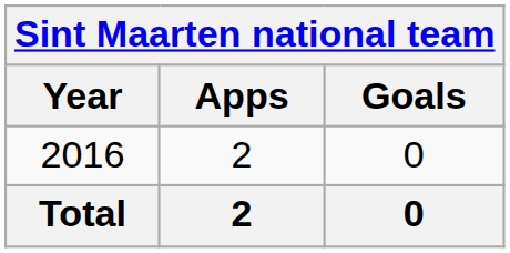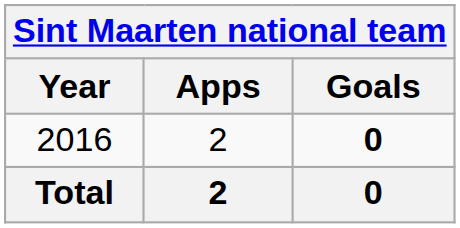 <table class="wikitable" style="text-align:center">
 <tr>
 <th colspan=3><a href='#'>Sint Maarten national team</a></th>
 </tr>
 <tr>
 <th>Year</th>
 <th>Apps</th>
 <th>Goals</th>
 </tr>
 <tr>
 <td>2016</td>
 <td>2</td>
-<td>0</td>
+<td><strong>0</strong></td>
 </tr>
 <tr>
 <th>Total</th>
 <th>2</th>
 <th>0</th>
 </tr>
 </table>
